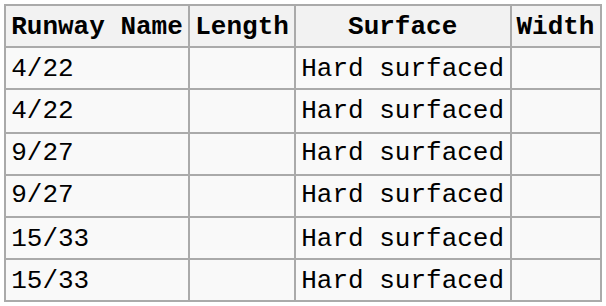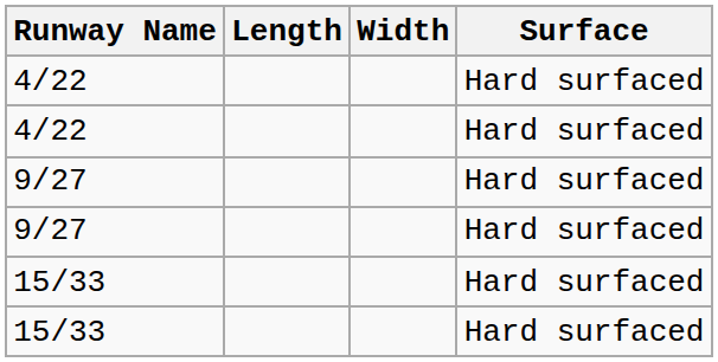 <table class="wikitable">
 <tr>
 <th>Runway Name</th>
 <th>Length</th>
+<th>Width</th>
 <th>Surface</th>
-<th>Width</th>
 </tr>
 <tr>
 <td>4/22</td>
 <td></td>
+<td></td>
 <td>Hard surfaced</td>
-<td></td>
 </tr>
 <tr>
 <td>4/22</td>
 <td></td>
+<td></td>
 <td>Hard surfaced</td>
-<td></td>
 </tr>
 <tr>
 <td>9/27</td>
 <td></td>
+<td></td>
 <td>Hard surfaced</td>
-<td></td>
 </tr>
 <tr>
 <td>9/27</td>
 <td></td>
+<td></td>
 <td>Hard surfaced</td>
-<td></td>
 </tr>
 <tr>
 <td>15/33</td>
 <td></td>
+<td></td>
 <td>Hard surfaced</td>
-<td></td>
 </tr>
 <tr>
 <td>15/33</td>
 <td></td>
+<td></td>
 <td>Hard surfaced</td>
-<td></td>
 </tr>
 </table>
